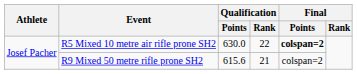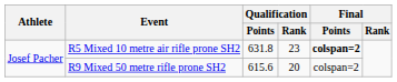 <table class="wikitable" style="font-size:90%">
 <tr>
 <th rowspan="2">Athlete</th>
 <th rowspan="2">Event</th>
 <th colspan="2">Qualification</th>
 <th colspan="2">Final</th>
 </tr>
 <tr style="font-size:95%">
 <th>Points</th>
 <th>Rank</th>
 <th>Points</th>
 <th>Rank</th>
 </tr>
 <tr align=center>
 <td align=left rowspan=2><a href='#'>Josef Pacher</a></td>
 <td align=left><a href='#'>R5 Mixed 10 metre air rifle prone SH2</a></td>
-<td>630.0</td>
-<td>22</td>
+<td>631.8</td>
+<td>23</td>
 <td><strong>colspan=2 </strong></td>
 </tr>
 <tr align=center>
 <td align=left><a href='#'>R9 Mixed 50 metre rifle prone SH2</a></td>
 <td>615.6</td>
-<td>21</td>
+<td>20</td>
 <td>colspan=2 </td>
 </tr>
 </table>
